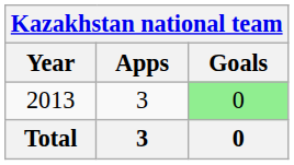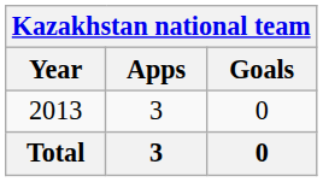 <table class="wikitable" style="text-align:center">
 <tr>
 <th colspan=3><a href='#'>Kazakhstan national team</a></th>
 </tr>
 <tr>
 <th>Year</th>
 <th>Apps</th>
 <th>Goals</th>
 </tr>
 <tr>
 <td>2013</td>
 <td>3</td>
-<td style="background: lightgreen;">0</td>
+<td>0</td>
 </tr>
 <tr>
 <th>Total</th>
 <th>3</th>
 <th>0</th>
 </tr>
 </table>
